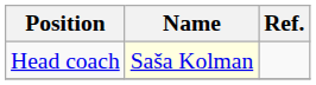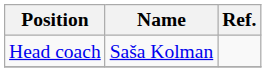 <table class="wikitable">
 <tr>
 <th>Position</th>
 <th>Name</th>
 <th>Ref.</th>
 </tr>
 <tr>
 <td><a href='#'>Head coach</a></td>
-<td style="background: lightyellow;"><a href='#'>Saša Kolman</a></td>
+<td><a href='#'>Saša Kolman</a></td>
 <td></td>
 </tr>
 <tr>
 </tr>
 </table>
